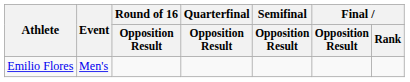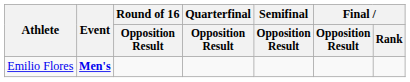 <table class=wikitable style=font-size:90%;text-align:center>
 <tr>
 <th rowspan=2>Athlete</th>
 <th rowspan=2>Event</th>
 <th>Round of 16</th>
 <th>Quarterfinal</th>
 <th>Semifinal</th>
 <th colspan=2>Final / </th>
 </tr>
 <tr style=font-size:95%>
 <th>Opposition<br>Result</th>
 <th>Opposition<br>Result</th>
 <th>Opposition<br>Result</th>
 <th>Opposition<br>Result</th>
 <th>Rank</th>
 </tr>
 <tr>
 <td align=left><a href='#'>Emilio Flores</a></td>
-<td align=left><a href='#'>Men's</a></td>
+<td align=left><strong><a href='#'>Men's</a></strong></td>
 <td></td>
 <td></td>
 <td></td>
 <td></td>
 <td></td>
 </tr>
 </table>
